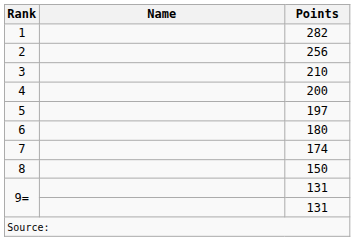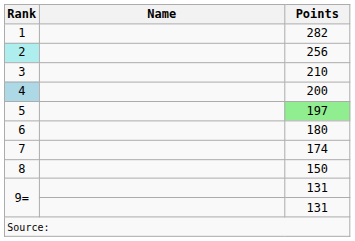 <table class="wikitable" style="font-size:95%;">
 <tr>
 <th>Rank</th>
 <th style="width: 20em">Name</th>
 <th style="width: 5em">Points</th>
 </tr>
 <tr>
 <td align="center">1</td>
 <td></td>
 <td align="center">282</td>
 </tr>
 <tr>
-<td align="center">2</td>
+<td align="center" style="background: paleturquoise;">2</td>
 <td></td>
 <td align="center">256</td>
 </tr>
 <tr>
 <td align="center">3</td>
 <td></td>
 <td align="center">210</td>
 </tr>
 <tr>
-<td align="center">4</td>
+<td align="center" style="background: lightblue;">4</td>
 <td></td>
 <td align="center">200</td>
 </tr>
 <tr>
 <td align="center">5</td>
 <td></td>
-<td align="center">197</td>
+<td align="center" style="background: lightgreen;">197</td>
 </tr>
 <tr>
 <td align="center">6</td>
 <td></td>
 <td align="center">180</td>
 </tr>
 <tr>
 <td align="center">7</td>
 <td></td>
 <td align="center">174</td>
 </tr>
 <tr>
 <td align="center">8</td>
 <td></td>
 <td align="center">150</td>
 </tr>
 <tr>
 <td rowspan=2 align="center">9=</td>
 <td></td>
 <td align="center">131</td>
 </tr>
 <tr>
 <td></td>
 <td align="center">131</td>
 </tr>
 <tr>
 <td colspan="3"><small>Source:</small></td>
 </tr>
 </table>
